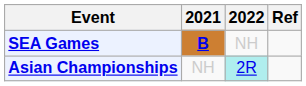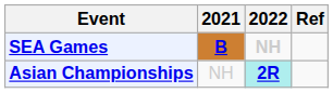 <table class="wikitable" style="font-size: 90%; text-align:center">
 <tr>
 <th>Event</th>
 <th>2021</th>
 <th>2022</th>
 <th>Ref</th>
 </tr>
 <tr>
 <td bgcolor="#ECF2FF"; align="left"><strong><a href='#'>SEA Games</a></strong></td>
 <td bgcolor=CD7F32><strong><a href='#'>B</a></strong></td>
-<td style=color:#ccc>NH</td>
+<td style=color:#ccc><strong>NH</strong></td>
 </tr>
 <tr>
 <td bgcolor="#ECF2FF"; align="left"><strong><a href='#'>Asian Championships</a></strong></td>
 <td style=color:#ccc>NH</td>
-<td bgcolor=AFEEEE><a href='#'>2R</a></td>
+<td bgcolor=AFEEEE><strong><a href='#'>2R</a></strong></td>
 <td></td>
 </tr>
 </table>
